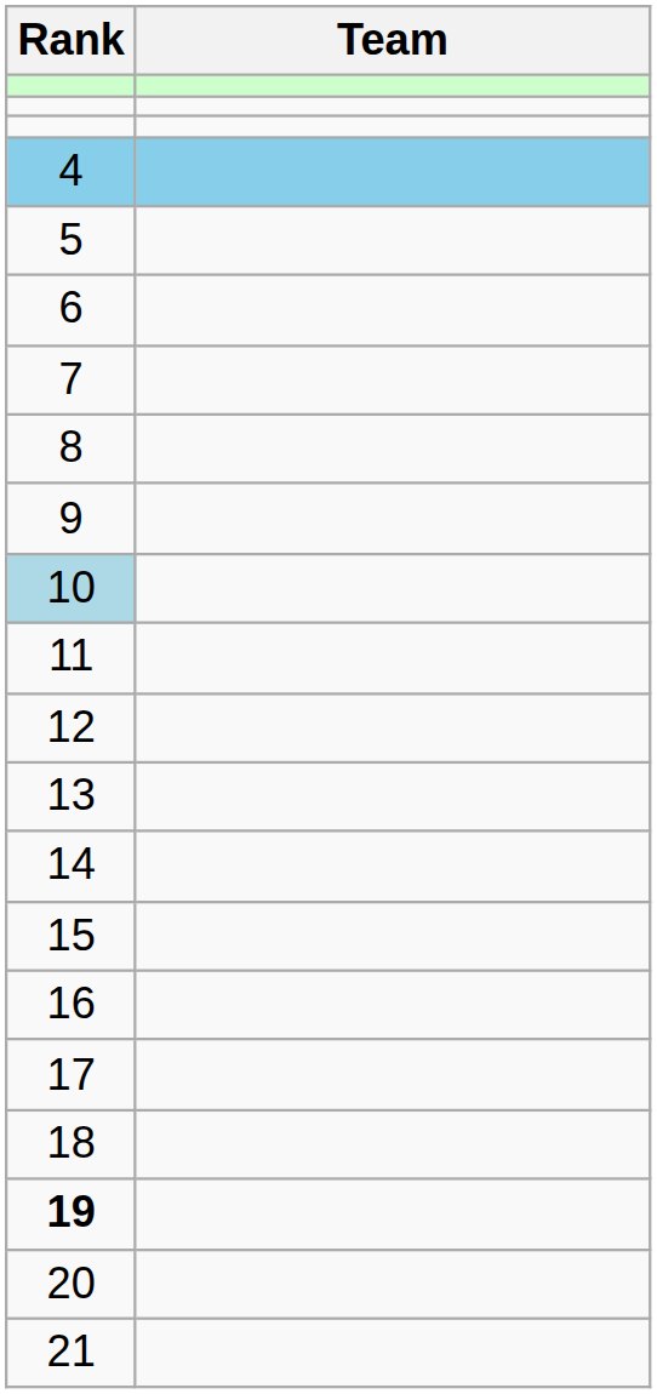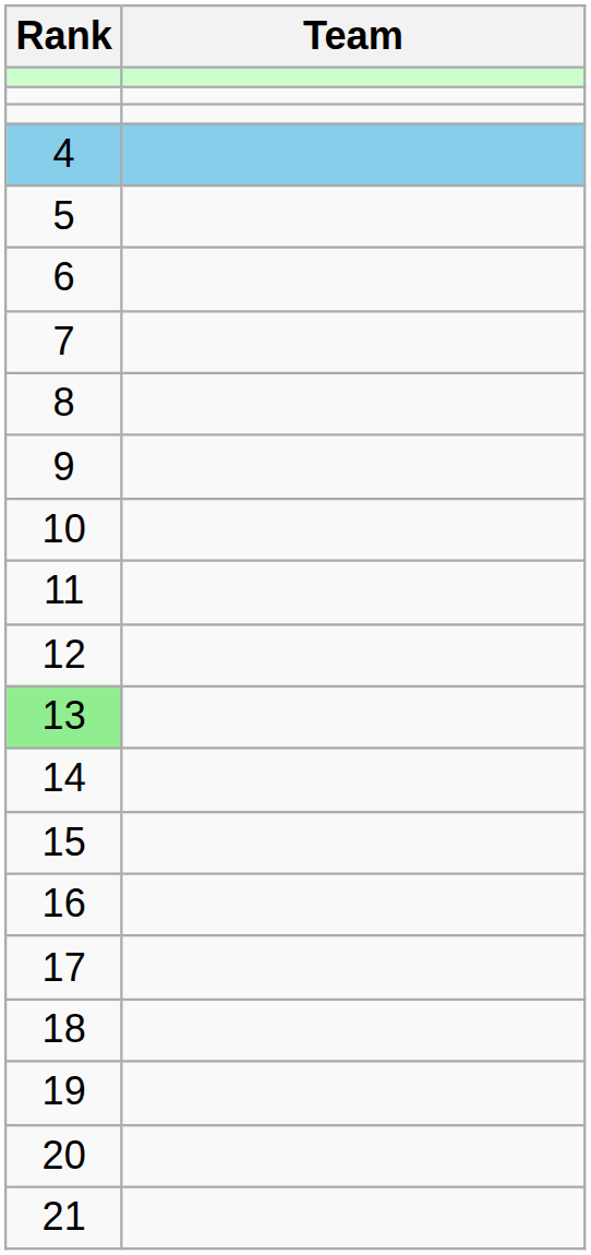 <table class="wikitable" style="text-align:center;">
 <tr>
 <th width=40>Rank</th>
 <th width=180>Team</th>
 </tr>
 <tr bgcolor=#ccffcc>
 <td></td>
 <td style="text-align:left;"></td>
 </tr>
 <tr>
 <td></td>
 <td style="text-align:left;"></td>
 </tr>
 <tr>
 <td></td>
 <td style="text-align:left;"></td>
 </tr>
 <tr bgcolor=#87ceeb>
 <td>4</td>
 <td style="text-align:left;"></td>
 </tr>
 <tr>
 <td>5</td>
 <td style="text-align:left;"></td>
 </tr>
 <tr>
 <td>6</td>
 <td style="text-align:left;"></td>
 </tr>
 <tr>
 <td>7</td>
 <td style="text-align:left;"></td>
 </tr>
 <tr>
 <td>8</td>
 <td style="text-align:left;"></td>
 </tr>
 <tr>
 <td>9</td>
 <td style="text-align:left;"></td>
 </tr>
 <tr>
-<td style="background: lightblue;">10</td>
+<td>10</td>
 <td style="text-align:left;"></td>
 </tr>
 <tr>
 <td>11</td>
 <td style="text-align:left;"></td>
 </tr>
 <tr>
 <td>12</td>
 <td style="text-align:left;"></td>
 </tr>
 <tr>
-<td>13</td>
+<td style="background: lightgreen;">13</td>
 <td style="text-align:left;"></td>
 </tr>
 <tr>
 <td>14</td>
 <td style="text-align:left;"></td>
 </tr>
 <tr>
 <td>15</td>
 <td style="text-align:left;"></td>
 </tr>
 <tr>
 <td>16</td>
 <td style="text-align:left;"></td>
 </tr>
 <tr>
 <td>17</td>
 <td style="text-align:left;"></td>
 </tr>
 <tr>
 <td>18</td>
 <td style="text-align:left;"></td>
 </tr>
 <tr>
-<td><strong>19</strong></td>
+<td>19</td>
 <td style="text-align:left;"></td>
 </tr>
 <tr>
 <td>20</td>
 <td style="text-align:left;"></td>
 </tr>
 <tr>
 <td>21</td>
 <td style="text-align:left;"></td>
 </tr>
 </table>
